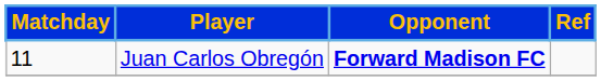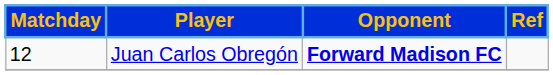 <table class=wikitable>
 <tr>
 <th style="background:#002ED9; color:#FCC108; border:2px solid #5FAFE4;">Matchday</th>
 <th style="background:#002ED9; color:#FCC108; border:2px solid #5FAFE4;">Player</th>
 <th style="background:#002ED9; color:#FCC108; border:2px solid #5FAFE4;">Opponent</th>
 <th style="background:#002ED9; color:#FCC108; border:2px solid #5FAFE4;">Ref</th>
 </tr>
 <tr>
-<td>11</td>
+<td>12</td>
 <td> <a href='#'>Juan Carlos Obregón</a></td>
 <td><strong><a href='#'>Forward Madison FC</a></strong></td>
 <td></td>
 </tr>
 <tr>
 </tr>
 </table>
